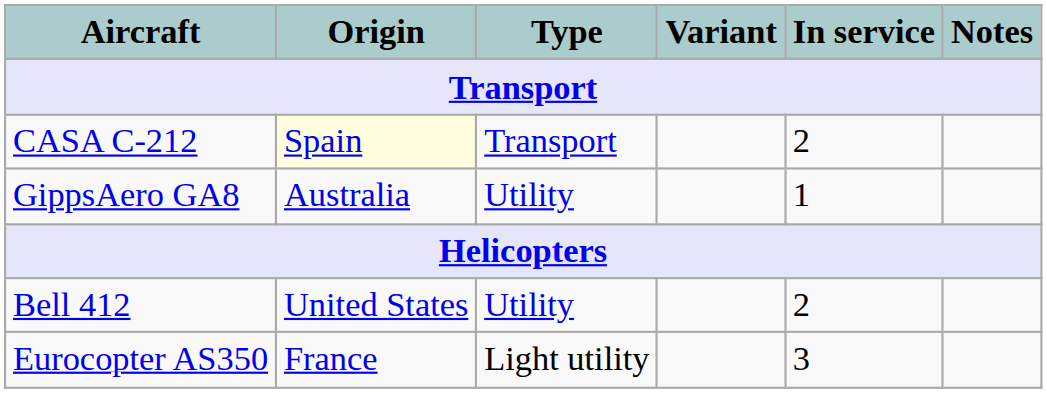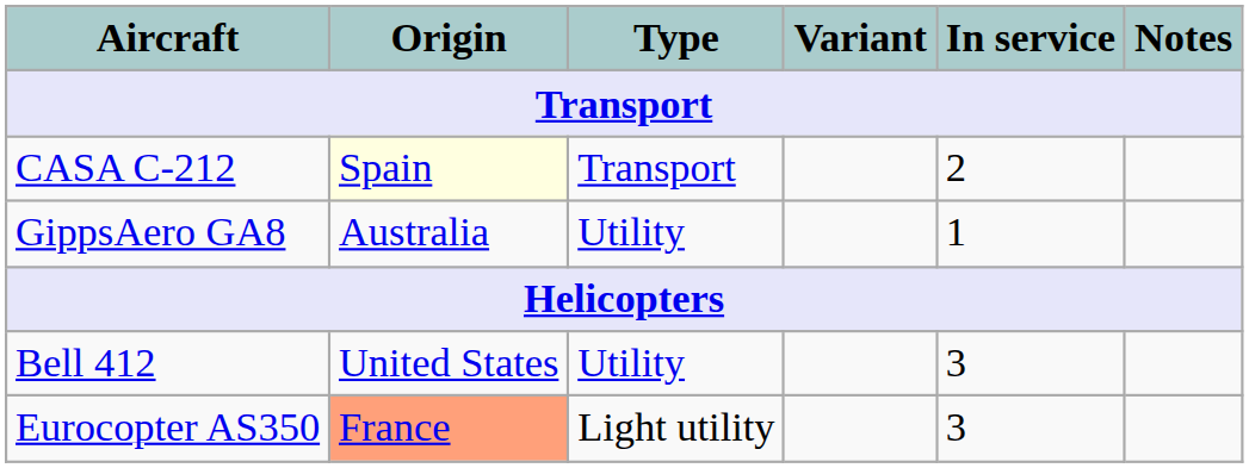 <table class="wikitable">
 <tr>
 <th style="text-align:center; background:#acc;">Aircraft</th>
 <th style="text-align: center; background:#acc;">Origin</th>
 <th style="text-align:l center; background:#acc;">Type</th>
 <th style="text-align:left; background:#acc;">Variant</th>
 <th style="text-align:center; background:#acc;">In service</th>
 <th style="text-align: center; background:#acc;">Notes</th>
 </tr>
 <tr>
 <th style="align: center; background: lavender;" colspan="7"><a href='#'>Transport</a></th>
 </tr>
 <tr>
 <td><a href='#'>CASA C-212</a></td>
 <td style="background: lightyellow;"><a href='#'>Spain</a></td>
 <td><a href='#'>Transport</a></td>
 <td></td>
 <td>2</td>
 <td></td>
 </tr>
 <tr>
 <td><a href='#'>GippsAero GA8</a></td>
 <td><a href='#'>Australia</a></td>
 <td><a href='#'>Utility</a></td>
 <td></td>
 <td>1</td>
 <td></td>
 </tr>
 <tr>
 <th style="align: center; background: lavender;" colspan="7"><a href='#'>Helicopters</a></th>
 </tr>
 <tr>
 <td><a href='#'>Bell 412</a></td>
 <td><a href='#'>United States</a></td>
 <td><a href='#'>Utility</a></td>
 <td></td>
-<td>2</td>
+<td>3</td>
 <td></td>
 </tr>
 <tr>
 <td><a href='#'>Eurocopter AS350</a></td>
-<td><a href='#'>France</a></td>
+<td style="background: lightsalmon;"><a href='#'>France</a></td>
 <td>Light utility</td>
 <td></td>
 <td>3</td>
 <td></td>
 </tr>
 </table>
